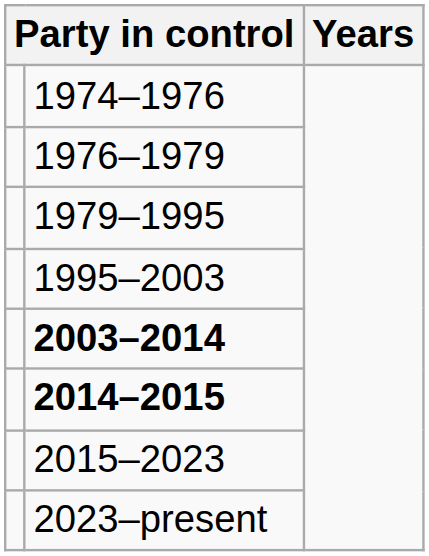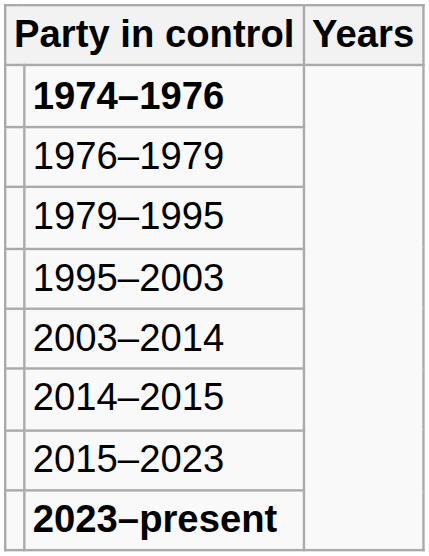 <table class="wikitable">
 <tr>
 <th colspan=2>Party in control</th>
 <th>Years</th>
 </tr>
 <tr>
 <td></td>
-<td>1974–1976</td>
+<td><strong>1974–1976</strong></td>
 </tr>
 <tr>
 <td></td>
 <td>1976–1979</td>
 </tr>
 <tr>
 <td></td>
 <td>1979–1995</td>
 </tr>
 <tr>
 <td></td>
 <td>1995–2003</td>
 </tr>
 <tr>
 <td></td>
-<td><strong>2003–2014</strong></td>
+<td>2003–2014</td>
 </tr>
 <tr>
 <td></td>
-<td><strong>2014–2015</strong></td>
+<td>2014–2015</td>
 </tr>
 <tr>
 <td></td>
 <td>2015–2023</td>
 </tr>
 <tr>
 <td></td>
-<td>2023–present</td>
+<td><strong>2023–present</strong></td>
 </tr>
 </table>
